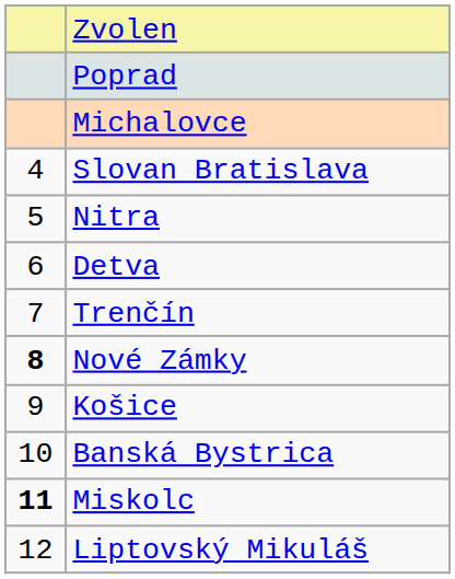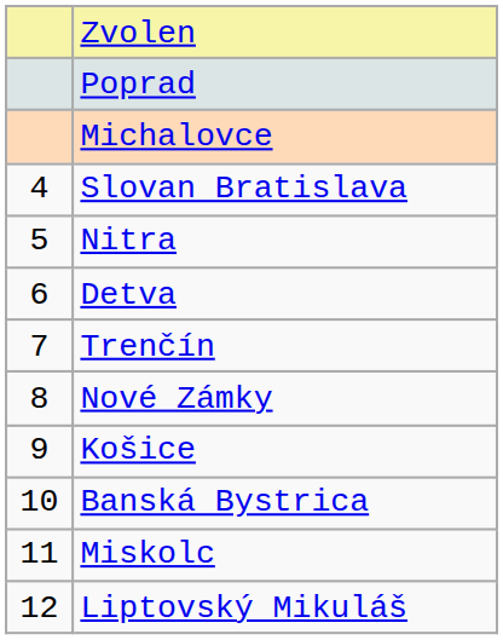 <table class="wikitable" style="width:200px;">
 <tr style="background:#F7F6A8;">
 <td align=center></td>
 <td><a href='#'>Zvolen</a></td>
 </tr>
 <tr style="background:#DCE5E5;">
 <td align=center></td>
 <td><a href='#'>Poprad</a></td>
 </tr>
 <tr style="background:#FFDAB9;">
 <td align=center></td>
 <td><a href='#'>Michalovce</a></td>
 </tr>
 <tr>
 <td align=center>4</td>
 <td><a href='#'>Slovan Bratislava</a></td>
 </tr>
 <tr>
 <td align=center>5</td>
 <td><a href='#'>Nitra</a></td>
 </tr>
 <tr>
 <td align=center>6</td>
 <td><a href='#'>Detva</a></td>
 </tr>
 <tr>
 <td align=center>7</td>
 <td><a href='#'>Trenčín</a></td>
 </tr>
 <tr>
-<td align=center><strong>8</strong></td>
+<td align=center>8</td>
 <td><a href='#'>Nové Zámky</a></td>
 </tr>
 <tr>
 <td align=center>9</td>
 <td><a href='#'>Košice</a></td>
 </tr>
 <tr>
 <td align=center>10</td>
 <td><a href='#'>Banská Bystrica</a></td>
 </tr>
 <tr>
-<td align=center><strong>11</strong></td>
+<td align=center>11</td>
 <td><a href='#'>Miskolc</a></td>
 </tr>
 <tr>
 <td align=center>12</td>
 <td><a href='#'>Liptovský Mikuláš</a></td>
 </tr>
 </table>
